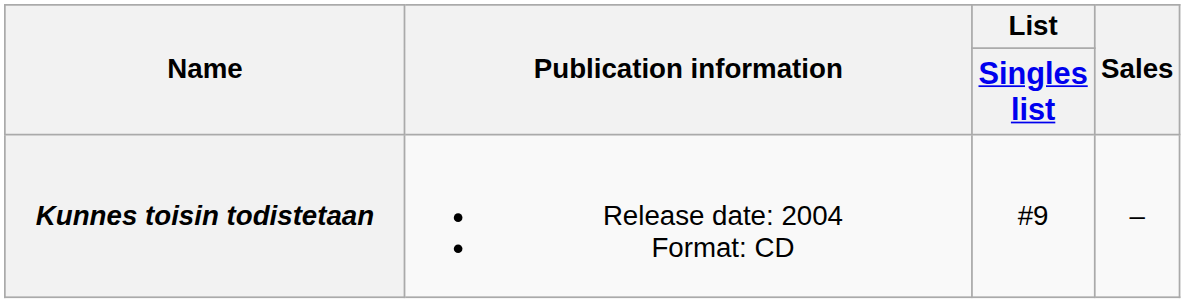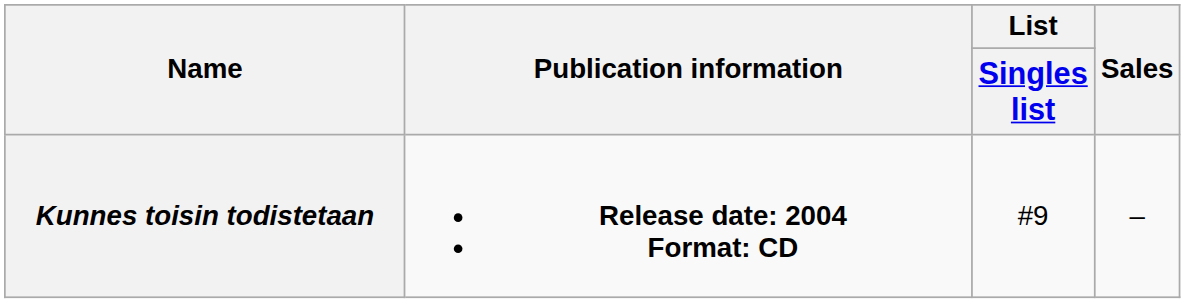 <table class="wikitable plainrowheaders" style="text-align:center;" border="1">
 <tr>
 <th scope="col" rowspan="2" style="width:14em;">Name</th>
 <th scope="col" rowspan="2" style="width:20em;">Publication information</th>
 <th scope="col" colspan="1">List</th>
 <th scope="col" rowspan="2">Sales</th>
 </tr>
 <tr>
 <th scope="col" style="width:3em;font-size:111%;"><a href='#'>Singles list</a></th>
 </tr>
 <tr>
 <th scope="row"><em>Kunnes toisin todistetaan</em></th>
-<td><br><ul><li>Release date: 2004</li><li>Format: CD</li></ul></td>
+<td><strong><br><ul><li>Release date: 2004</li><li>Format: CD</li></ul></strong></td>
 <td>#9</td>
 <td>–</td>
 </tr>
 </table>
